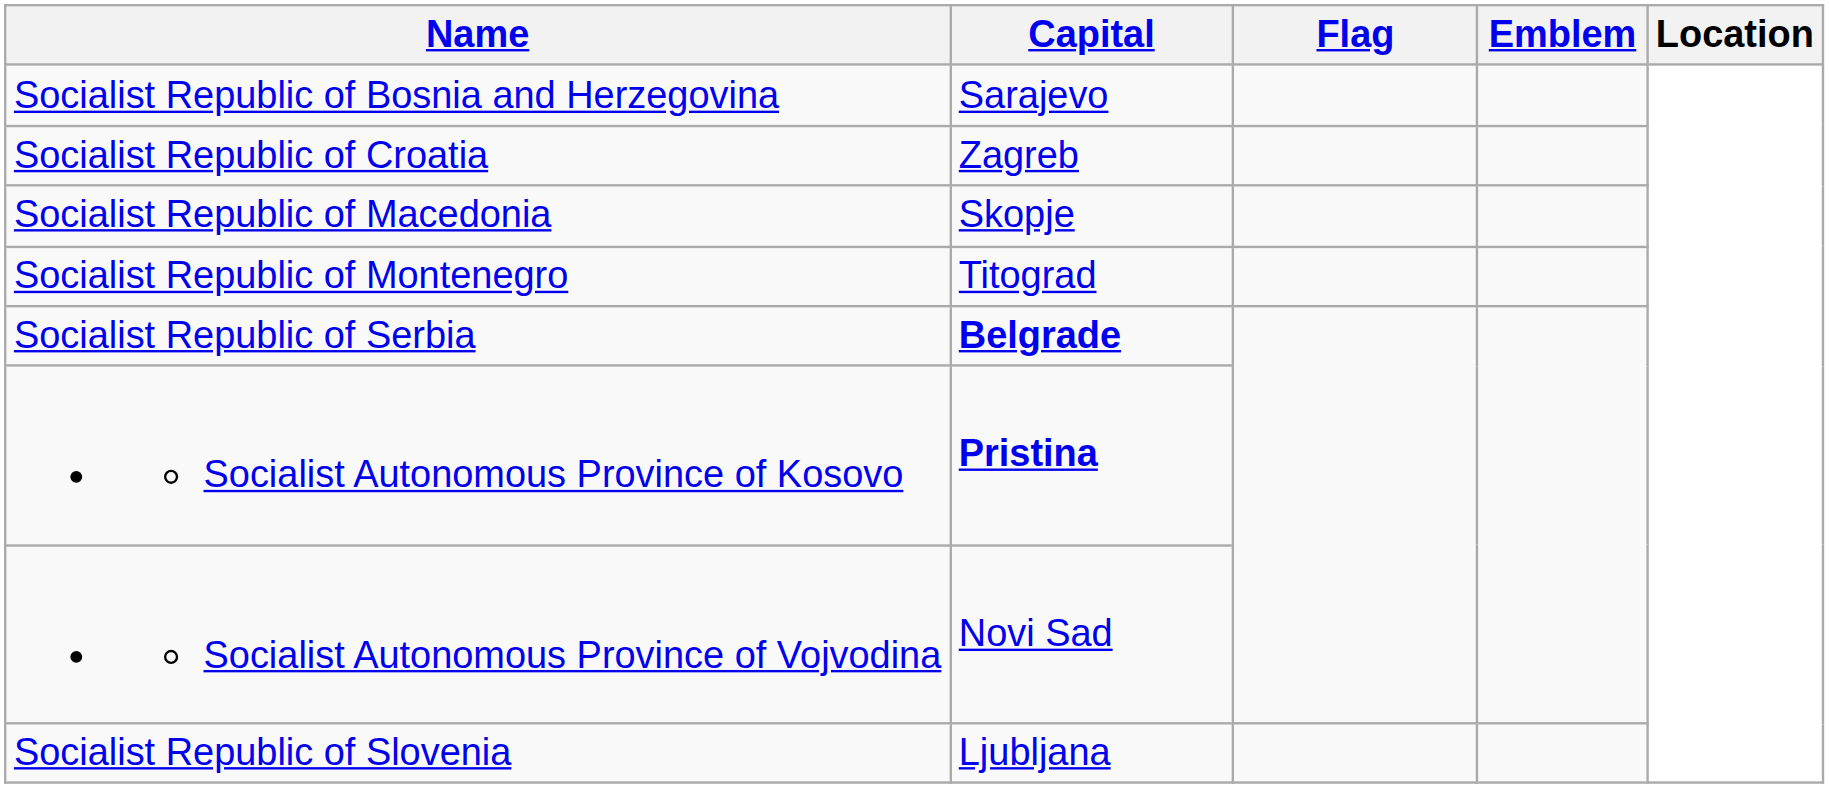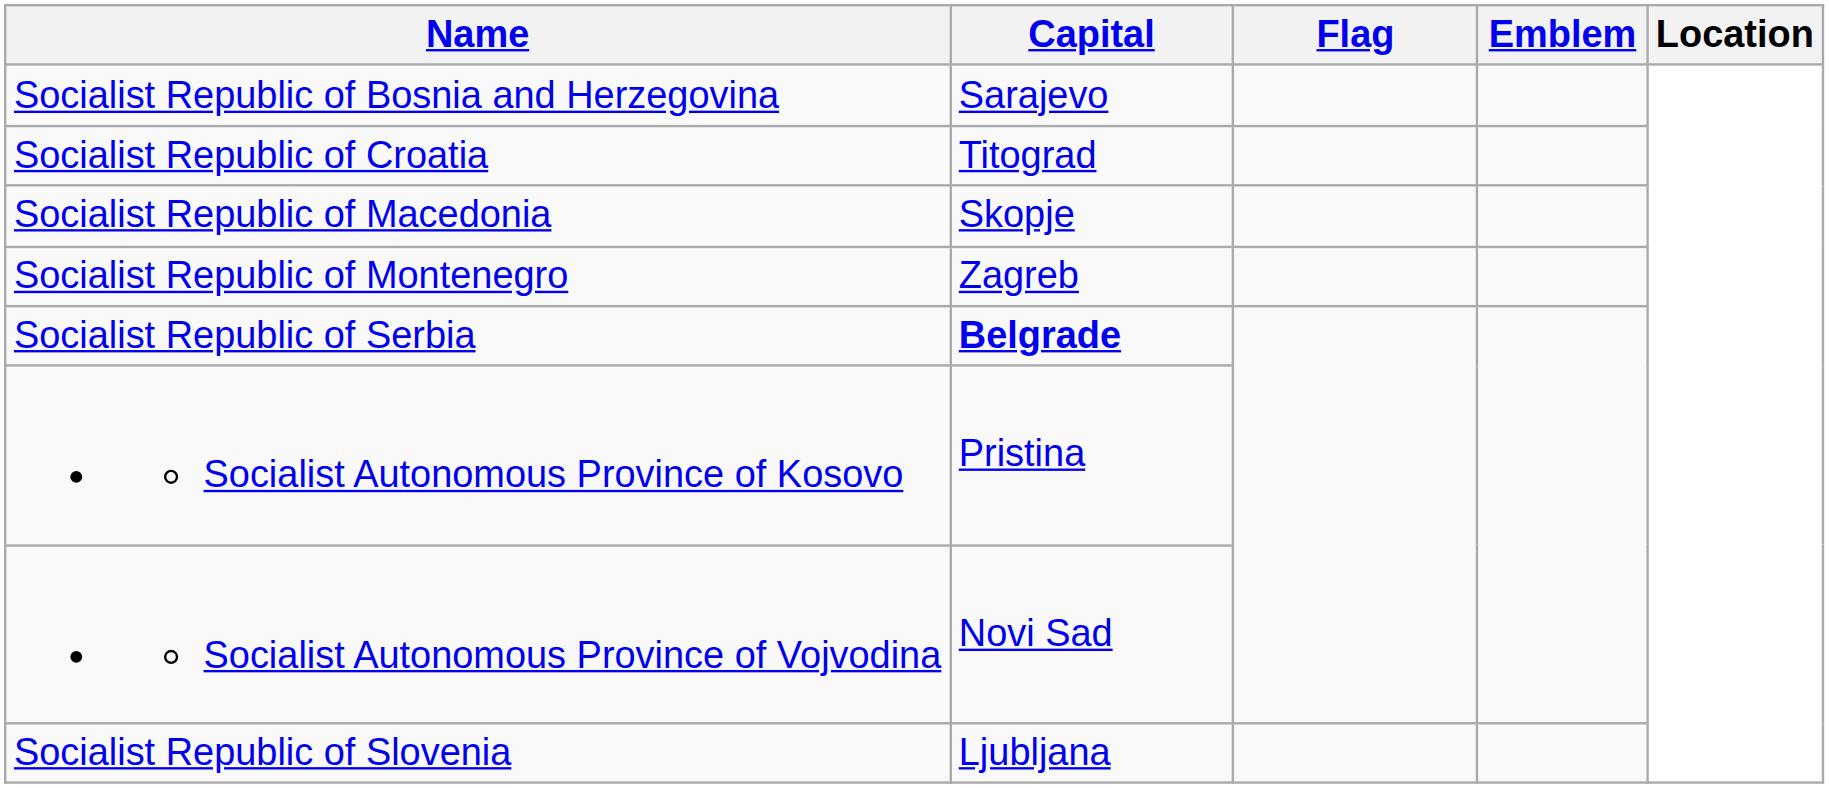 <table class="wikitable">
 <tr>
 <th><a href='#'>Name</a></th>
 <th><a href='#'>Capital</a></th>
 <th><a href='#'>Flag</a></th>
 <th><a href='#'>Emblem</a></th>
 <th>Location</th>
 </tr>
 <tr>
 <td><a href='#'>Socialist Republic of Bosnia and Herzegovina</a></td>
 <td style="width:7em;"><a href='#'>Sarajevo</a></td>
 <td style="width:6em;"></td>
 <td style="width:4em;"></td>
 <th rowspan="8" style="width:4em; background:#fff;"></th>
 </tr>
 <tr>
 <td><a href='#'>Socialist Republic of Croatia</a></td>
-<td><a href='#'>Zagreb</a></td>
+<td><a href='#'>Titograd</a></td>
 <td></td>
 <td></td>
 </tr>
 <tr>
 <td><a href='#'>Socialist Republic of Macedonia</a></td>
 <td><a href='#'>Skopje</a></td>
 <td></td>
 <td></td>
 </tr>
 <tr>
 <td><a href='#'>Socialist Republic of Montenegro</a></td>
-<td><a href='#'>Titograd</a></td>
+<td><a href='#'>Zagreb</a></td>
 <td></td>
 <td></td>
 </tr>
 <tr>
 <td><a href='#'>Socialist Republic of Serbia</a></td>
 <td><strong><a href='#'>Belgrade</a></strong></td>
 <td rowspan="3"></td>
 <td rowspan="3"></td>
 </tr>
 <tr>
 <td><br><ul><li><ul><li><a href='#'>Socialist Autonomous Province of Kosovo</a></li></ul></li></ul></td>
-<td><strong><a href='#'>Pristina</a></strong></td>
+<td><a href='#'>Pristina</a></td>
 </tr>
 <tr>
 <td><br><ul><li><ul><li><a href='#'>Socialist Autonomous Province of Vojvodina</a></li></ul></li></ul></td>
 <td><a href='#'>Novi Sad</a></td>
 </tr>
 <tr>
 <td><a href='#'>Socialist Republic of Slovenia</a></td>
 <td><a href='#'>Ljubljana</a></td>
 <td></td>
 <td></td>
 </tr>
 </table>
